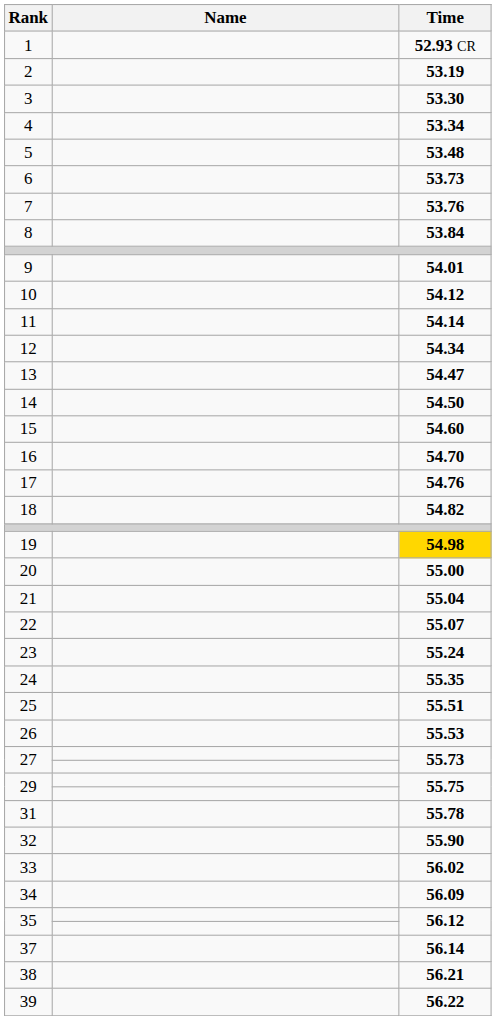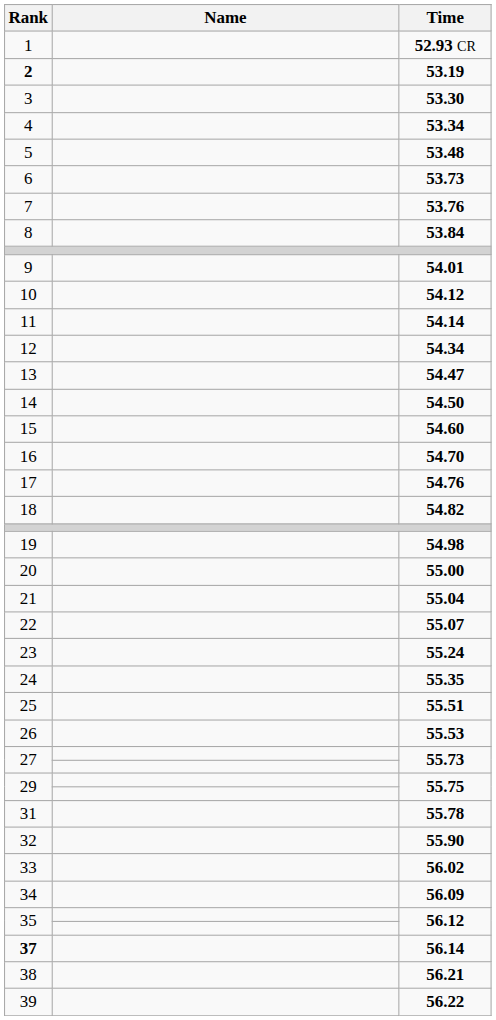 <table class="wikitable">
 <tr>
 <th>Rank</th>
 <th align="center" style="width: 20em">Name</th>
 <th align="center" style="width: 5em">Time</th>
 </tr>
 <tr>
 <td align="center">1</td>
 <td></td>
 <td align="center"><strong>52.93</strong> <small>CR</small></td>
 </tr>
 <tr>
-<td align="center">2</td>
+<td align="center"><strong>2</strong></td>
 <td></td>
 <td align="center"><strong>53.19</strong></td>
 </tr>
 <tr>
 <td align="center">3</td>
 <td></td>
 <td align="center"><strong>53.30</strong></td>
 </tr>
 <tr>
 <td align="center">4</td>
 <td></td>
 <td align="center"><strong>53.34</strong></td>
 </tr>
 <tr>
 <td align="center">5</td>
 <td></td>
 <td align="center"><strong>53.48</strong></td>
 </tr>
 <tr>
 <td align="center">6</td>
 <td></td>
 <td align="center"><strong>53.73</strong></td>
 </tr>
 <tr>
 <td align="center">7</td>
 <td></td>
 <td align="center"><strong>53.76</strong></td>
 </tr>
 <tr>
 <td align="center">8</td>
 <td></td>
 <td align="center"><strong>53.84</strong></td>
 </tr>
 <tr>
 <td colspan=3 bgcolor=lightgray></td>
 </tr>
 <tr>
 <td align="center">9</td>
 <td></td>
 <td align="center"><strong>54.01</strong></td>
 </tr>
 <tr>
 <td align="center">10</td>
 <td></td>
 <td align="center"><strong>54.12</strong></td>
 </tr>
 <tr>
 <td align="center">11</td>
 <td></td>
 <td align="center"><strong>54.14</strong></td>
 </tr>
 <tr>
 <td align="center">12</td>
 <td></td>
 <td align="center"><strong>54.34</strong></td>
 </tr>
 <tr>
 <td align="center">13</td>
 <td></td>
 <td align="center"><strong>54.47</strong></td>
 </tr>
 <tr>
 <td align="center">14</td>
 <td></td>
 <td align="center"><strong>54.50</strong></td>
 </tr>
 <tr>
 <td align="center">15</td>
 <td></td>
 <td align="center"><strong>54.60</strong></td>
 </tr>
 <tr>
 <td align="center">16</td>
 <td></td>
 <td align="center"><strong>54.70</strong></td>
 </tr>
 <tr>
 <td align="center">17</td>
 <td></td>
 <td align="center"><strong>54.76</strong></td>
 </tr>
 <tr>
 <td align="center">18</td>
 <td></td>
 <td align="center"><strong>54.82</strong></td>
 </tr>
 <tr>
 <td colspan=3 bgcolor=lightgray></td>
 </tr>
 <tr>
 <td align="center">19</td>
 <td></td>
-<td align="center" style="background: gold;"><strong>54.98</strong></td>
+<td align="center"><strong>54.98</strong></td>
 </tr>
 <tr>
 <td align="center">20</td>
 <td></td>
 <td align="center"><strong>55.00</strong></td>
 </tr>
 <tr>
 <td align="center">21</td>
 <td></td>
 <td align="center"><strong>55.04</strong></td>
 </tr>
 <tr>
 <td align="center">22</td>
 <td></td>
 <td align="center"><strong>55.07</strong></td>
 </tr>
 <tr>
 <td align="center">23</td>
 <td></td>
 <td align="center"><strong>55.24</strong></td>
 </tr>
 <tr>
 <td align="center">24</td>
 <td></td>
 <td align="center"><strong>55.35</strong></td>
 </tr>
 <tr>
 <td align="center">25</td>
 <td></td>
 <td align="center"><strong>55.51</strong></td>
 </tr>
 <tr>
 <td align="center">26</td>
 <td></td>
 <td align="center"><strong>55.53</strong></td>
 </tr>
 <tr>
 <td rowspan=2 align="center">27</td>
 <td></td>
 <td rowspan=2 align="center"><strong>55.73</strong></td>
 </tr>
 <tr>
 <td></td>
 </tr>
 <tr>
 <td rowspan=2 align="center">29</td>
 <td></td>
 <td rowspan=2 align="center"><strong>55.75</strong></td>
 </tr>
 <tr>
 <td></td>
 </tr>
 <tr>
 <td align="center">31</td>
 <td></td>
 <td align="center"><strong>55.78</strong></td>
 </tr>
 <tr>
 <td align="center">32</td>
 <td></td>
 <td align="center"><strong>55.90</strong></td>
 </tr>
 <tr>
 <td align="center">33</td>
 <td></td>
 <td align="center"><strong>56.02</strong></td>
 </tr>
 <tr>
 <td align="center">34</td>
 <td></td>
 <td align="center"><strong>56.09</strong></td>
 </tr>
 <tr>
 <td rowspan=2 align="center">35</td>
 <td></td>
 <td rowspan=2 align="center"><strong>56.12</strong></td>
 </tr>
 <tr>
 <td></td>
 </tr>
 <tr>
-<td align="center">37</td>
+<td align="center"><strong>37</strong></td>
 <td></td>
 <td align="center"><strong>56.14</strong></td>
 </tr>
 <tr>
 <td align="center">38</td>
 <td></td>
 <td align="center"><strong>56.21</strong></td>
 </tr>
 <tr>
 <td align="center">39</td>
 <td></td>
 <td align="center"><strong>56.22</strong></td>
 </tr>
 </table>
